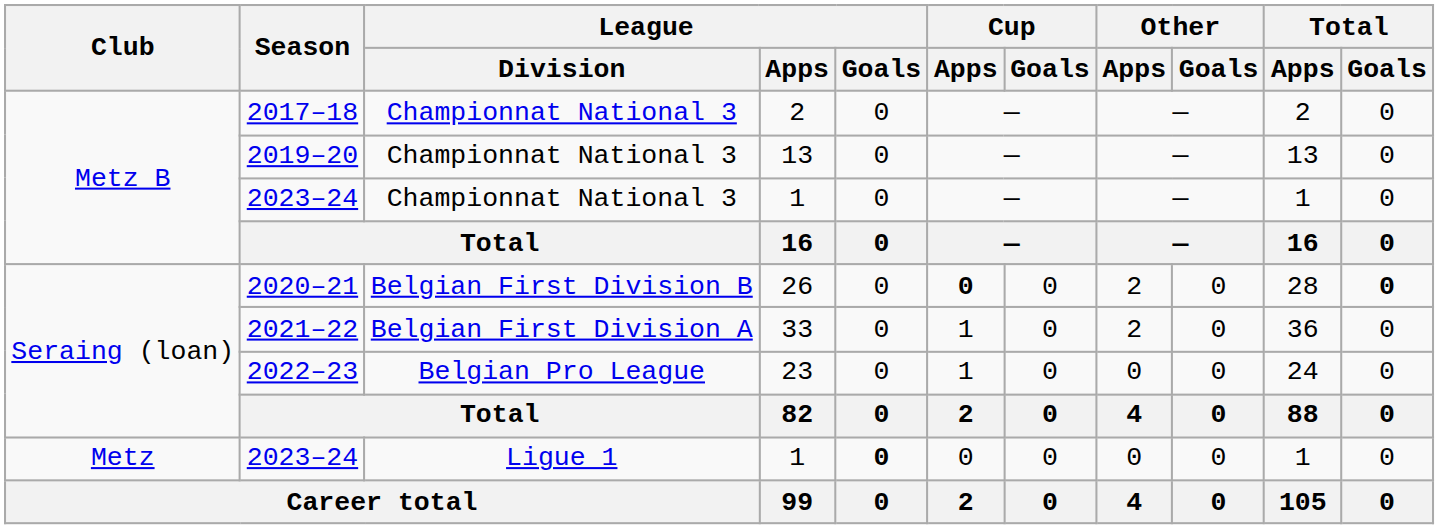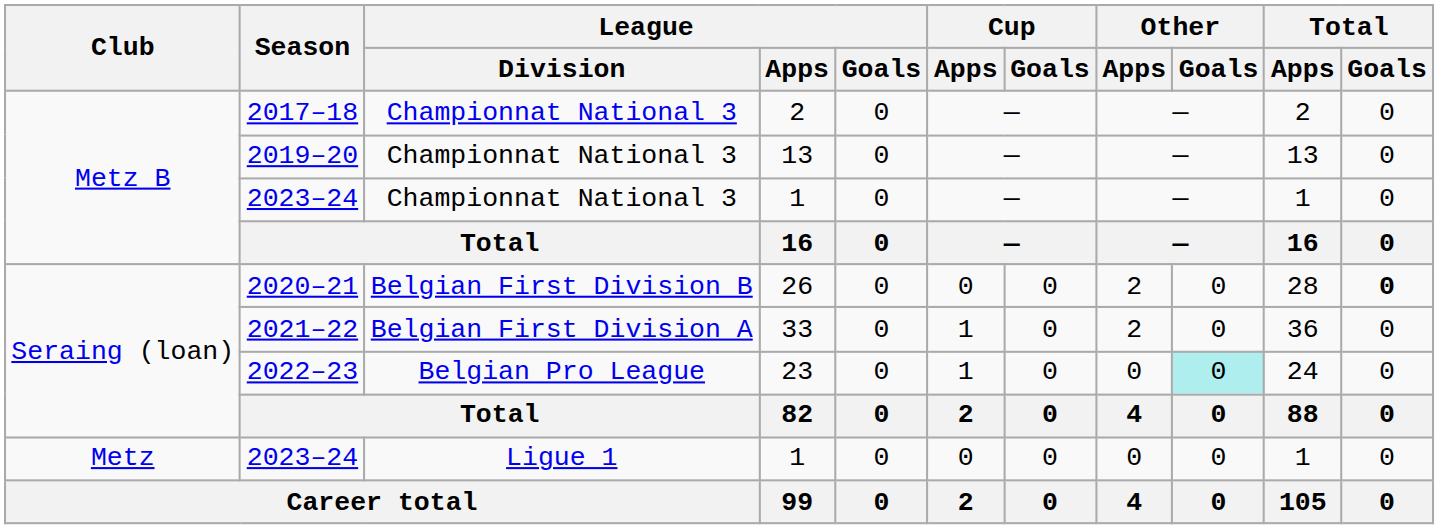 <table class="wikitable" style="text-align:center">
 <tr>
 <th rowspan="2">Club</th>
 <th rowspan="2">Season</th>
 <th colspan="3">League</th>
 <th colspan="2">Cup</th>
 <th colspan="2">Other</th>
 <th colspan="2">Total</th>
 </tr>
 <tr>
 <th>Division</th>
 <th>Apps</th>
 <th>Goals</th>
 <th>Apps</th>
 <th>Goals</th>
 <th>Apps</th>
 <th>Goals</th>
 <th>Apps</th>
 <th>Goals</th>
 </tr>
 <tr>
 <td rowspan="4"><a href='#'>Metz B</a></td>
 <td><a href='#'>2017–18</a></td>
 <td><a href='#'>Championnat National 3</a></td>
 <td>2</td>
 <td>0</td>
 <td colspan="2">—</td>
 <td colspan="2">—</td>
 <td>2</td>
 <td>0</td>
 </tr>
 <tr>
 <td><a href='#'>2019–20</a></td>
 <td>Championnat National 3</td>
 <td>13</td>
 <td>0</td>
 <td colspan="2">—</td>
 <td colspan="2">—</td>
 <td>13</td>
 <td>0</td>
 </tr>
 <tr>
 <td><a href='#'>2023–24</a></td>
 <td>Championnat National 3</td>
 <td>1</td>
 <td>0</td>
 <td colspan="2">—</td>
 <td colspan="2">—</td>
 <td>1</td>
 <td>0</td>
 </tr>
 <tr>
 <th colspan="2">Total</th>
 <th>16</th>
 <th>0</th>
 <th colspan="2">—</th>
 <th colspan="2">—</th>
 <th>16</th>
 <th>0</th>
 </tr>
 <tr>
 <td rowspan="4"><a href='#'>Seraing</a> (loan)</td>
 <td><a href='#'>2020–21</a></td>
 <td><a href='#'>Belgian First Division B</a></td>
 <td>26</td>
 <td>0</td>
-<td><strong>0</strong></td>
+<td>0</td>
 <td>0</td>
 <td>2</td>
 <td>0</td>
 <td>28</td>
 <td><strong>0</strong></td>
 </tr>
 <tr>
 <td><a href='#'>2021–22</a></td>
 <td><a href='#'>Belgian First Division A</a></td>
 <td>33</td>
 <td>0</td>
 <td>1</td>
 <td>0</td>
 <td>2</td>
 <td>0</td>
 <td>36</td>
 <td>0</td>
 </tr>
 <tr>
 <td><a href='#'>2022–23</a></td>
 <td><a href='#'>Belgian Pro League</a></td>
 <td>23</td>
 <td>0</td>
 <td>1</td>
 <td>0</td>
 <td>0</td>
-<td>0</td>
+<td style="background: paleturquoise;">0</td>
 <td>24</td>
 <td>0</td>
 </tr>
 <tr>
 <th colspan="2">Total</th>
 <th>82</th>
 <th>0</th>
 <th>2</th>
 <th>0</th>
 <th>4</th>
 <th>0</th>
 <th>88</th>
 <th>0</th>
 </tr>
 <tr>
 <td><a href='#'>Metz</a></td>
 <td><a href='#'>2023–24</a></td>
 <td><a href='#'>Ligue 1</a></td>
 <td>1</td>
-<td><strong>0</strong></td>
+<td>0</td>
 <td>0</td>
 <td>0</td>
 <td>0</td>
 <td>0</td>
 <td>1</td>
 <td>0</td>
 </tr>
 <tr>
 <th colspan="3">Career total</th>
 <th>99</th>
 <th>0</th>
 <th>2</th>
 <th>0</th>
 <th>4</th>
 <th>0</th>
 <th>105</th>
 <th>0</th>
 </tr>
 </table>
